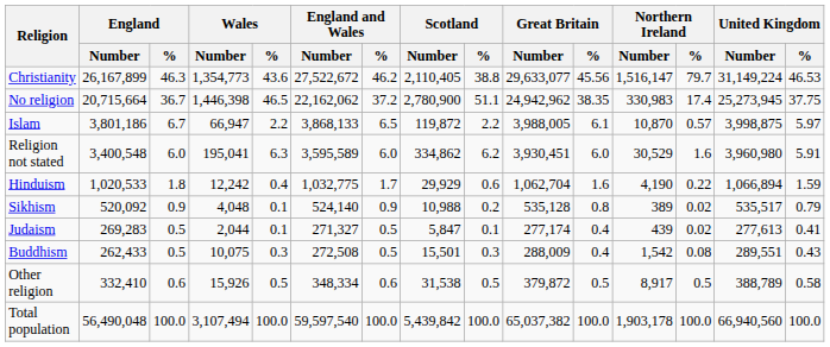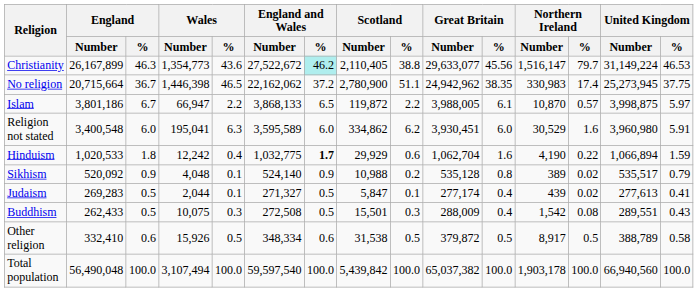 <table class="wikitable sortable">
 <tr>
 <th rowspan="2">Religion</th>
 <th colspan="2">England</th>
 <th colspan="2">Wales</th>
 <th colspan="2">England and Wales</th>
 <th colspan="2">Scotland</th>
 <th colspan="2">Great Britain</th>
 <th colspan="2">Northern Ireland</th>
 <th colspan="2">United Kingdom</th>
 </tr>
 <tr>
 <th>Number</th>
 <th>%</th>
 <th>Number</th>
 <th>%</th>
 <th>Number</th>
 <th>%</th>
 <th>Number</th>
 <th>%</th>
 <th>Number</th>
 <th>%</th>
 <th>Number</th>
 <th>%</th>
 <th>Number</th>
 <th>%</th>
 </tr>
 <tr>
 <td><a href='#'>Christianity</a></td>
 <td align="right">26,167,899</td>
 <td align="right">46.3</td>
 <td align="right">1,354,773</td>
 <td align="right">43.6</td>
 <td align="right">27,522,672</td>
-<td align="right">46.2</td>
+<td align="right" style="background: paleturquoise;">46.2</td>
 <td align="right">2,110,405</td>
 <td align="right">38.8</td>
 <td align="right">29,633,077</td>
 <td align="right">45.56</td>
 <td align="right">1,516,147</td>
 <td align="right">79.7</td>
 <td align="right">31,149,224</td>
 <td align="right">46.53</td>
 </tr>
 <tr>
 <td><a href='#'>No religion</a></td>
 <td align="right">20,715,664</td>
 <td align="right">36.7</td>
 <td align="right">1,446,398</td>
 <td align="right">46.5</td>
 <td align="right">22,162,062</td>
 <td align="right">37.2</td>
 <td align="right">2,780,900</td>
 <td align="right">51.1</td>
 <td align="right">24,942,962</td>
 <td align="right">38.35</td>
 <td align="right">330,983</td>
 <td align="right">17.4</td>
 <td align="right">25,273,945</td>
 <td align="right">37.75</td>
 </tr>
 <tr>
 <td><a href='#'>Islam</a></td>
 <td align="right">3,801,186</td>
 <td align="right">6.7</td>
 <td align="right">66,947</td>
 <td align="right">2.2</td>
 <td align="right">3,868,133</td>
 <td align="right">6.5</td>
 <td align="right">119,872</td>
 <td align="right">2.2</td>
 <td align="right">3,988,005</td>
 <td align="right">6.1</td>
 <td align="right">10,870</td>
 <td align="right">0.57</td>
 <td align="right">3,998,875</td>
 <td align="right">5.97</td>
 </tr>
 <tr>
 <td>Religion not stated</td>
 <td align="right">3,400,548</td>
 <td align="right">6.0</td>
 <td align="right">195,041</td>
 <td align="right">6.3</td>
 <td align="right">3,595,589</td>
 <td align="right">6.0</td>
 <td align="right">334,862</td>
 <td align="right">6.2</td>
 <td align="right">3,930,451</td>
 <td align="right">6.0</td>
 <td align="right">30,529</td>
 <td align="right">1.6</td>
 <td align="right">3,960,980</td>
 <td align="right">5.91</td>
 </tr>
 <tr>
 <td><a href='#'>Hinduism</a></td>
 <td align="right">1,020,533</td>
 <td align="right">1.8</td>
 <td align="right">12,242</td>
 <td align="right">0.4</td>
 <td align="right">1,032,775</td>
-<td align="right">1.7</td>
+<td align="right"><strong>1.7</strong></td>
 <td align="right">29,929</td>
 <td align="right">0.6</td>
 <td align="right">1,062,704</td>
 <td align="right">1.6</td>
 <td align="right">4,190</td>
 <td align="right">0.22</td>
 <td align="right">1,066,894</td>
 <td align="right">1.59</td>
 </tr>
 <tr>
 <td><a href='#'>Sikhism</a></td>
 <td align="right">520,092</td>
 <td align="right">0.9</td>
 <td align="right">4,048</td>
 <td align="right">0.1</td>
 <td align="right">524,140</td>
 <td align="right">0.9</td>
 <td align="right">10,988</td>
 <td align="right">0.2</td>
 <td align="right">535,128</td>
 <td align="right">0.8</td>
 <td align="right">389</td>
 <td align="right">0.02</td>
 <td align="right">535,517</td>
 <td align="right">0.79</td>
 </tr>
 <tr>
 <td><a href='#'>Judaism</a></td>
 <td align="right">269,283</td>
 <td align="right">0.5</td>
 <td align="right">2,044</td>
 <td align="right">0.1</td>
 <td align="right">271,327</td>
 <td align="right">0.5</td>
 <td align="right">5,847</td>
 <td align="right">0.1</td>
 <td align="right">277,174</td>
 <td align="right">0.4</td>
 <td align="right">439</td>
 <td align="right">0.02</td>
 <td align="right">277,613</td>
 <td align="right">0.41</td>
 </tr>
 <tr>
 <td><a href='#'>Buddhism</a></td>
 <td align="right">262,433</td>
 <td align="right">0.5</td>
 <td align="right">10,075</td>
 <td align="right">0.3</td>
 <td align="right">272,508</td>
 <td align="right">0.5</td>
 <td align="right">15,501</td>
 <td align="right">0.3</td>
 <td align="right">288,009</td>
 <td align="right">0.4</td>
 <td align="right">1,542</td>
 <td align="right">0.08</td>
 <td align="right">289,551</td>
 <td align="right">0.43</td>
 </tr>
 <tr>
 <td>Other religion</td>
 <td align="right">332,410</td>
 <td align="right">0.6</td>
 <td align="right">15,926</td>
 <td align="right">0.5</td>
 <td align="right">348,334</td>
 <td align="right">0.6</td>
 <td align="right">31,538</td>
 <td align="right">0.5</td>
 <td align="right">379,872</td>
 <td align="right">0.5</td>
 <td align="right">8,917</td>
 <td align="right">0.5</td>
 <td align="right">388,789</td>
 <td align="right">0.58</td>
 </tr>
 <tr>
 <td>Total population</td>
 <td align="right">56,490,048</td>
 <td align="right">100.0</td>
 <td align="right">3,107,494</td>
 <td align="right">100.0</td>
 <td align="right">59,597,540</td>
 <td align="right">100.0</td>
 <td align="right">5,439,842</td>
 <td align="right">100.0</td>
 <td align="right">65,037,382</td>
 <td align="right">100.0</td>
 <td align="right">1,903,178</td>
 <td align="right">100.0</td>
 <td align="right">66,940,560</td>
 <td align="right">100.0</td>
 </tr>
 </table>
